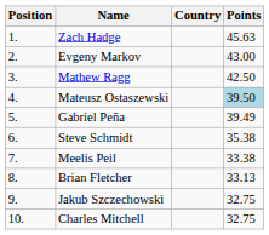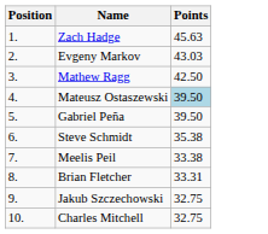 <table class="wikitable sortable" style="display: inline-table">
 <tr>
 <th>Position</th>
 <th>Name</th>
-<th>Country</th>
 <th>Points</th>
 </tr>
 <tr>
 <td>1.</td>
 <td><a href='#'>Zach Hadge</a></td>
-<td></td>
 <td>45.63</td>
 </tr>
 <tr>
 <td>2.</td>
 <td>Evgeny Markov</td>
-<td></td>
-<td>43.00</td>
+<td>43.03</td>
 </tr>
 <tr>
 <td>3.</td>
 <td><a href='#'>Mathew Ragg</a></td>
-<td></td>
 <td>42.50</td>
 </tr>
 <tr>
 <td>4.</td>
 <td>Mateusz Ostaszewski</td>
-<td></td>
 <td style="background: lightblue;">39.50</td>
 </tr>
 <tr>
 <td>5.</td>
 <td>Gabriel Peña</td>
-<td></td>
-<td>39.49</td>
+<td>39.50</td>
 </tr>
 <tr>
 <td>6.</td>
 <td>Steve Schmidt</td>
-<td></td>
 <td>35.38</td>
 </tr>
 <tr>
 <td>7.</td>
 <td>Meelis Peil</td>
-<td></td>
 <td>33.38</td>
 </tr>
 <tr>
 <td>8.</td>
 <td>Brian Fletcher</td>
-<td></td>
-<td>33.13</td>
+<td>33.31</td>
 </tr>
 <tr>
 <td>9.</td>
 <td>Jakub Szczechowski</td>
-<td></td>
 <td>32.75</td>
 </tr>
 <tr>
 <td>10.</td>
 <td>Charles Mitchell</td>
-<td></td>
 <td>32.75</td>
 </tr>
 </table>
